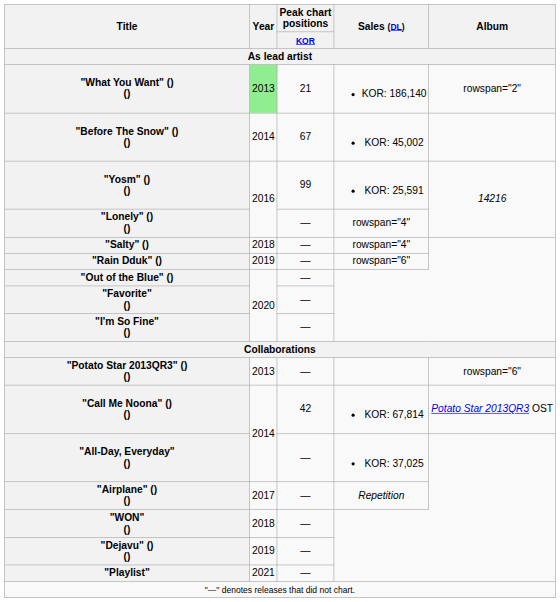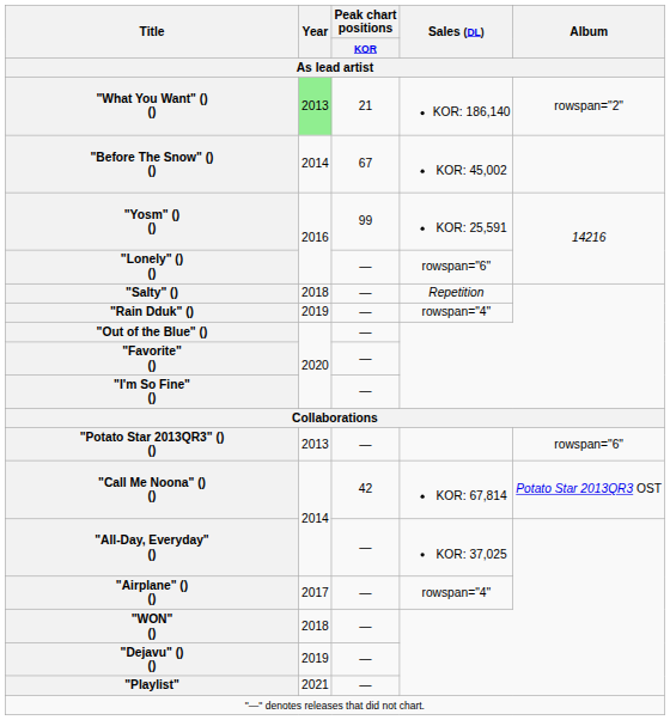 <table class="wikitable plainrowheaders" style="text-align:center;">
 <tr>
 <th scope="col" rowspan="2" style="width:23.5em;">Title</th>
 <th scope="col" rowspan="2">Year</th>
 <th scope="col" colspan="1">Peak chart <br> positions</th>
 <th scope="col" rowspan="2">Sales <small>(<a href='#'>DL</a>)</small></th>
 <th scope="col" rowspan="2">Album</th>
 </tr>
 <tr>
 <th><small><a href='#'>KOR</a></small><br></th>
 </tr>
 <tr>
 <th scope="col" colspan="5">As lead artist</th>
 </tr>
 <tr>
 <th scope="row">"What You Want" ()<br>()</th>
 <td style="background: lightgreen;">2013</td>
 <td>21</td>
 <td><br><ul><li>KOR: 186,140</li></ul></td>
 <td>rowspan="2" </td>
 </tr>
 <tr>
 <th scope="row">"Before The Snow" ()<br>()</th>
 <td>2014</td>
 <td>67</td>
 <td><br><ul><li>KOR: 45,002</li></ul></td>
 </tr>
 <tr>
 <th scope="row">"Yosm" ()<br>()</th>
 <td rowspan="2">2016</td>
 <td>99</td>
 <td><br><ul><li>KOR: 25,591</li></ul></td>
 <td rowspan="2"><em>14216</em></td>
 </tr>
 <tr>
 <th scope="row">"Lonely" ()<br>()</th>
 <td>—</td>
-<td>rowspan="4" </td>
+<td>rowspan="6" </td>
 </tr>
 <tr>
 <th scope="row">"Salty" ()</th>
 <td>2018</td>
 <td>—</td>
-<td>rowspan="4" </td>
+<td><em>Repetition</em></td>
 </tr>
 <tr>
 <th scope="row">"Rain Dduk" ()</th>
 <td>2019</td>
 <td>—</td>
-<td>rowspan="6" </td>
+<td>rowspan="4" </td>
 </tr>
 <tr>
 <th scope="row">"Out of the Blue" ()</th>
 <td rowspan="3">2020</td>
 <td>—</td>
 </tr>
 <tr>
 <th scope="row">"Favorite" <br>()</th>
 <td>—</td>
 </tr>
 <tr>
 <th scope="row">"I'm So Fine" <br>()</th>
 <td>—</td>
 </tr>
 <tr>
 <th scope="col" colspan="5">Collaborations</th>
 </tr>
 <tr>
 <th scope="row">"Potato Star 2013QR3" ()<br>()</th>
 <td>2013</td>
 <td>—</td>
 <td></td>
 <td>rowspan="6" </td>
 </tr>
 <tr>
 <th scope="row">"Call Me Noona" ()<br>()</th>
 <td rowspan="2">2014</td>
 <td>42</td>
 <td><br><ul><li>KOR: 67,814</li></ul></td>
 <td><em><a href='#'>Potato Star 2013QR3</a></em> OST</td>
 </tr>
 <tr>
 <th scope="row">"All-Day, Everyday"<br>()</th>
 <td>—</td>
 <td><br><ul><li>KOR: 37,025</li></ul></td>
 </tr>
 <tr>
 <th scope="row">"Airplane" ()<br>()</th>
 <td>2017</td>
 <td>—</td>
-<td><em>Repetition</em></td>
+<td>rowspan="4" </td>
 </tr>
 <tr>
 <th scope="row">"WON" <br>()</th>
 <td>2018</td>
 <td>—</td>
 </tr>
 <tr>
 <th scope="row">"Dejavu" ()<br>()</th>
 <td>2019</td>
 <td>—</td>
 </tr>
 <tr>
 <th scope="row">"Playlist" <br> <div></div></th>
 <td rowspan="1">2021</td>
 <td>—</td>
 </tr>
 <tr>
 <td colspan="5" align="center"><small>"—" denotes releases that did not chart.</small></td>
 </tr>
 </table>
